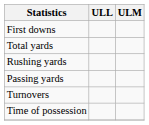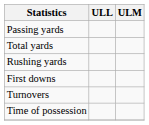 <table class="wikitable">
 <tr>
 <th>Statistics</th>
 <th>ULL</th>
 <th>ULM</th>
 </tr>
 <tr>
-<td>First downs</td>
+<td>Passing yards</td>
 <td></td>
 <td></td>
 </tr>
 <tr>
 <td>Total yards</td>
 <td></td>
 <td></td>
 </tr>
 <tr>
 <td>Rushing yards</td>
 <td></td>
 <td></td>
 </tr>
 <tr>
-<td>Passing yards</td>
+<td>First downs</td>
 <td></td>
 <td></td>
 </tr>
 <tr>
 <td>Turnovers</td>
 <td></td>
 <td></td>
 </tr>
 <tr>
 <td>Time of possession</td>
 <td></td>
 <td></td>
 </tr>
 <tr>
 </tr>
 </table>
